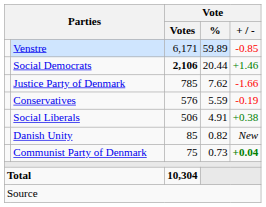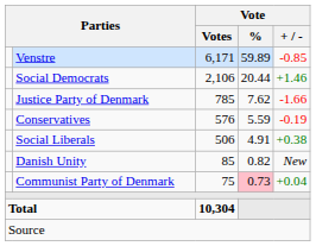 <table class="wikitable" style="text-align:right;">
 <tr>
 <th style="text-align:centre;" rowspan="2" colspan="2" width="225">Parties</th>
 <th colspan="3">Vote</th>
 </tr>
 <tr>
 <th width="15">Votes</th>
 <th width="15">%</th>
 <th width="15">+ / -</th>
 </tr>
 <tr>
 <td width="2" style="color:inherit;background:"></td>
 <td bgcolor=#cfe5fe  align="left"><a href='#'>Venstre</a></td>
 <td bgcolor=#cfe5fe>6,171</td>
 <td bgcolor=#cfe5fe>59.89</td>
 <td style=color:red;>-0.85</td>
 </tr>
 <tr>
 <td width="2" style="color:inherit;background:"></td>
 <td align="left"><a href='#'>Social Democrats</a></td>
-<td><strong>2,106</strong></td>
+<td>2,106</td>
 <td>20.44</td>
 <td style=color:green;>+1.46</td>
 </tr>
 <tr>
 <td width="2" style="color:inherit;background:"></td>
 <td align="left"><a href='#'>Justice Party of Denmark</a></td>
 <td>785</td>
 <td>7.62</td>
 <td style=color:red;>-1.66</td>
 </tr>
 <tr>
 <td width="2" style="color:inherit;background:"></td>
 <td align="left"><a href='#'>Conservatives</a></td>
 <td>576</td>
 <td>5.59</td>
 <td style=color:red;>-0.19</td>
 </tr>
 <tr>
 <td width="2" style="color:inherit;background:"></td>
 <td align="left"><a href='#'>Social Liberals</a></td>
 <td>506</td>
 <td>4.91</td>
 <td style=color:green;>+0.38</td>
 </tr>
 <tr>
 <td width="2" style="color:inherit;background:"></td>
 <td align="left"><a href='#'>Danish Unity</a></td>
 <td>85</td>
 <td>0.82</td>
 <td><em>New</em></td>
 </tr>
 <tr>
 <td width="2" style="color:inherit;background:"></td>
 <td align="left"><a href='#'>Communist Party of Denmark</a></td>
 <td>75</td>
-<td>0.73</td>
-<td style=color:green;><strong>+0.04</strong></td>
+<td style="background: pink;">0.73</td>
+<td style=color:green;>+0.04</td>
 </tr>
 <tr>
 <td colspan="7" bgcolor="#E9E9E9"></td>
 </tr>
 <tr>
 <td align="left" colspan="2"><strong>Total</strong></td>
 <td><strong>10,304</strong></td>
 <td bgcolor="#E9E9E9" colspan="2"></td>
 </tr>
 <tr>
 <td align="left" colspan="6">Source</td>
 </tr>
 </table>
